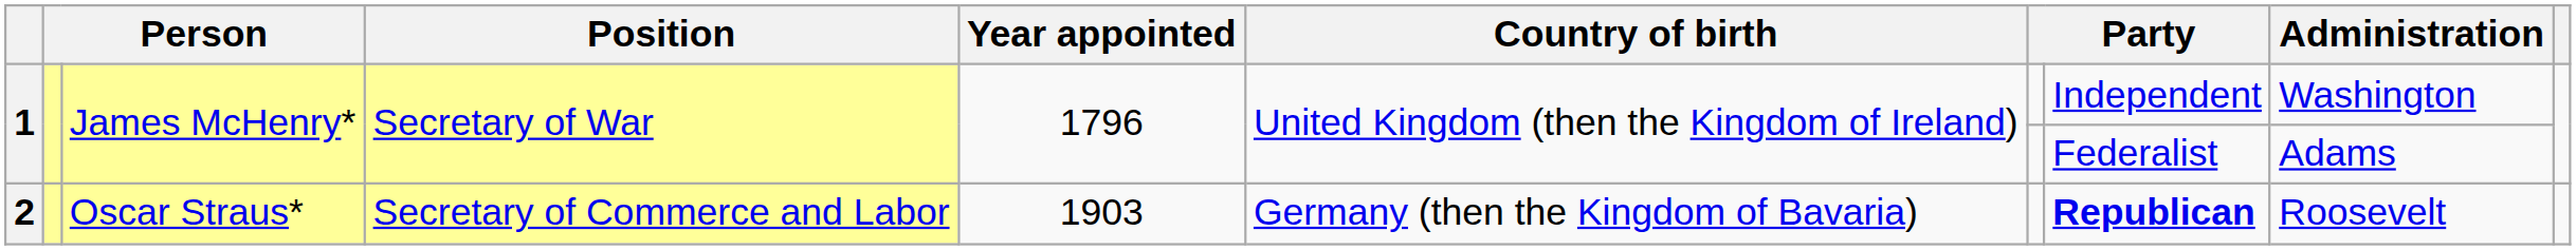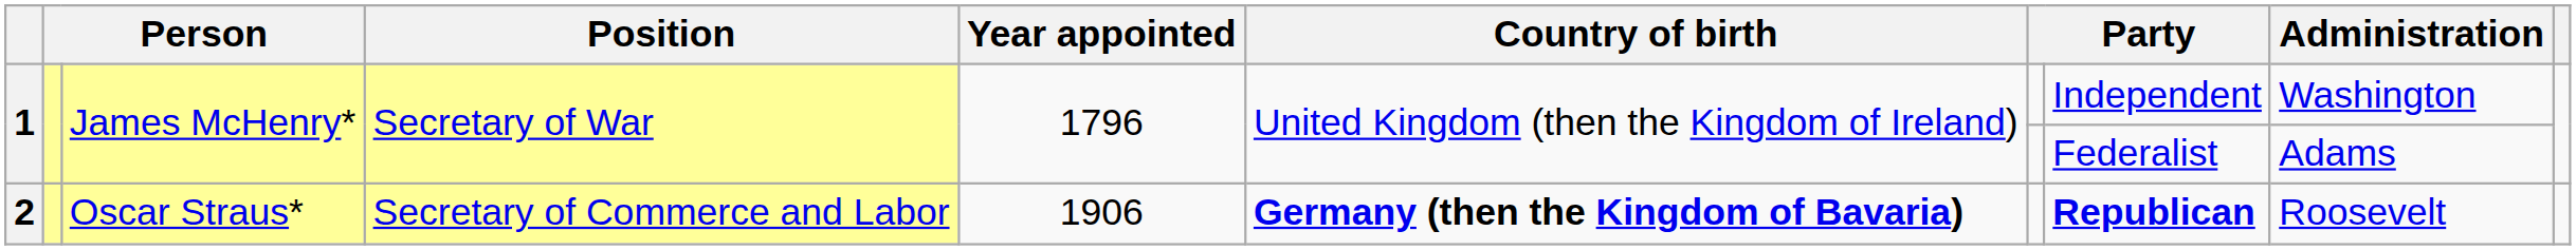 <table class="wikitable sortable">
 <tr>
 <th scope="col"></th>
 <th scope="col" colspan=2>Person</th>
 <th scope="col">Position</th>
 <th scope="col">Year appointed</th>
 <th scope="col">Country of birth</th>
 <th scope="col" colspan=2>Party</th>
 <th scope="col">Administration</th>
 <th scope="col" class="unsortable"></th>
 </tr>
 <tr>
 <th scope="row" rowspan=2>1</th>
 <td bgcolor="#FFFF99" rowspan=2 data-sort-value="McHenry, James"></td>
 <td bgcolor="#FFFF99" rowspan=2><a href='#'>James McHenry</a>*</td>
 <td bgcolor="#FFFF99" rowspan=2><a href='#'>Secretary of War</a></td>
 <td align="center" rowspan=2>1796</td>
 <td rowspan=2><a href='#'>United Kingdom</a> (then the <a href='#'>Kingdom of Ireland</a>)</td>
 <td style="background-color:"></td>
 <td><a href='#'>Independent</a></td>
 <td><a href='#'>Washington</a></td>
 <td align="center" rowspan=2></td>
 </tr>
 <tr>
 <td style="background-color:"></td>
 <td><a href='#'>Federalist</a></td>
 <td><a href='#'>Adams</a></td>
 </tr>
 <tr>
 <th scope="row">2</th>
 <td bgcolor="#FFFF99" data-sort-value="Straus, Oscar"></td>
 <td bgcolor="#FFFF99"><a href='#'>Oscar Straus</a>*</td>
 <td bgcolor="#FFFF99"><a href='#'>Secretary of Commerce and Labor</a></td>
-<td align="center">1903</td>
-<td><a href='#'>Germany</a> (then the <a href='#'>Kingdom of Bavaria</a>)</td>
+<td align="center">1906</td>
+<td><strong><a href='#'>Germany</a> (then the <a href='#'>Kingdom of Bavaria</a>)</strong></td>
 <td style="background-color:"></td>
 <td><strong><a href='#'>Republican</a></strong></td>
 <td><a href='#'>Roosevelt</a></td>
 <td align="center"></td>
 </tr>
 </table>
